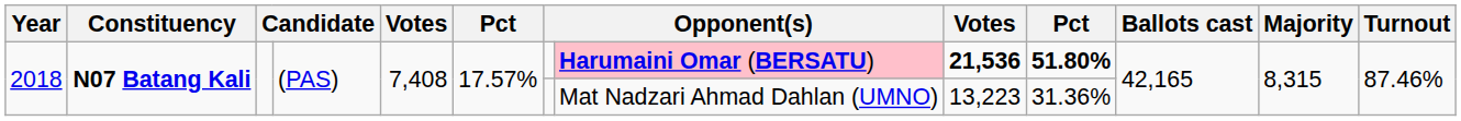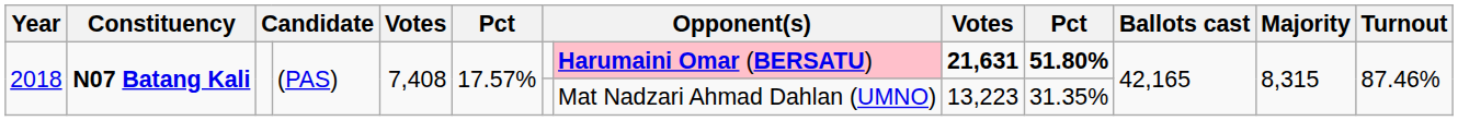 <table class="wikitable" style="margin:0.5em ; font-size:95%">
 <tr>
 <th>Year</th>
 <th>Constituency</th>
 <th colspan=2>Candidate</th>
 <th>Votes</th>
 <th>Pct</th>
 <th colspan=2>Opponent(s)</th>
 <th>Votes</th>
 <th>Pct</th>
 <th>Ballots cast</th>
 <th>Majority</th>
 <th>Turnout</th>
 </tr>
 <tr>
 <td rowspan=2><a href='#'>2018</a></td>
 <td rowspan=2><strong>N07 <a href='#'>Batang Kali</a></strong></td>
 <td rowspan=2 ></td>
 <td rowspan=2> (<a href='#'>PAS</a>)</td>
 <td rowspan=2 align=right>7,408</td>
 <td rowspan=2>17.57%</td>
 <td></td>
 <td style="background: pink;"><strong><a href='#'>Harumaini Omar</a></strong> (<a href='#'><strong>BERSATU</strong></a>)</td>
-<td align=right><strong>21,536</strong></td>
+<td align=right><strong>21,631</strong></td>
 <td><strong>51.80%</strong></td>
 <td rowspan=2>42,165</td>
 <td rowspan=2>8,315</td>
 <td rowspan=2>87.46%</td>
 </tr>
 <tr>
 <td></td>
 <td>Mat Nadzari Ahmad Dahlan (<a href='#'>UMNO</a>)</td>
 <td align=right>13,223</td>
-<td>31.36%</td>
+<td>31.35%</td>
 </tr>
 </table>
